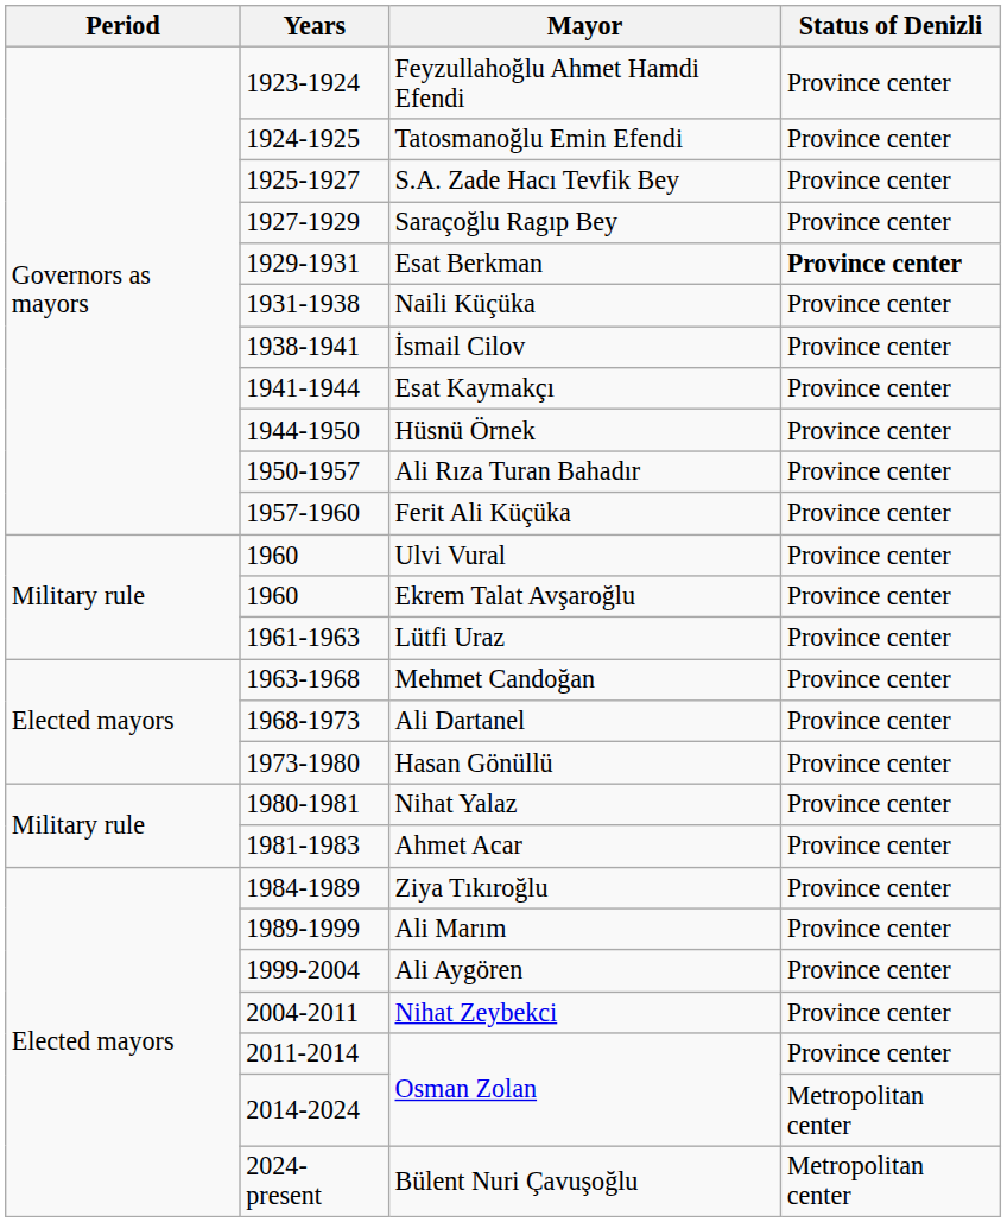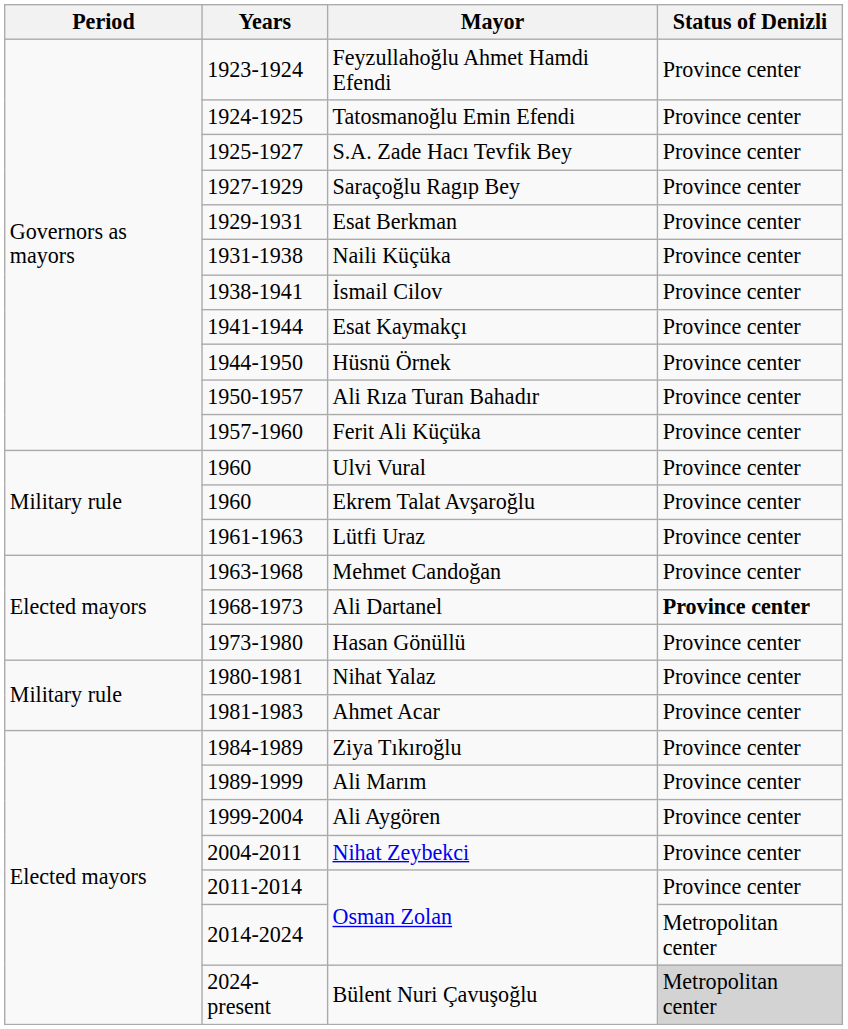 <table class="sortable wikitable">
 <tr>
 <th>Period</th>
 <th>Years</th>
 <th>Mayor</th>
 <th>Status of Denizli</th>
 </tr>
 <tr>
 <td rowspan="11">Governors as mayors</td>
 <td>1923-1924</td>
 <td>Feyzullahoğlu Ahmet Hamdi Efendi</td>
 <td>Province center</td>
 </tr>
 <tr>
 <td>1924-1925</td>
 <td>Tatosmanoğlu Emin Efendi</td>
 <td>Province center</td>
 </tr>
 <tr>
 <td>1925-1927</td>
 <td>S.A. Zade Hacı Tevfik Bey</td>
 <td>Province center</td>
 </tr>
 <tr>
 <td>1927-1929</td>
 <td>Saraçoğlu Ragıp Bey</td>
 <td>Province center</td>
 </tr>
 <tr>
 <td>1929-1931</td>
 <td>Esat Berkman</td>
-<td><strong>Province center</strong></td>
+<td>Province center</td>
 </tr>
 <tr>
 <td>1931-1938</td>
 <td>Naili Küçüka</td>
 <td>Province center</td>
 </tr>
 <tr>
 <td>1938-1941</td>
 <td>İsmail Cilov</td>
 <td>Province center</td>
 </tr>
 <tr>
 <td>1941-1944</td>
 <td>Esat Kaymakçı</td>
 <td>Province center</td>
 </tr>
 <tr>
 <td>1944-1950</td>
 <td>Hüsnü Örnek</td>
 <td>Province center</td>
 </tr>
 <tr>
 <td>1950-1957</td>
 <td>Ali Rıza Turan Bahadır</td>
 <td>Province center</td>
 </tr>
 <tr>
 <td>1957-1960</td>
 <td>Ferit Ali Küçüka</td>
 <td>Province center</td>
 </tr>
 <tr>
 <td rowspan="3">Military rule</td>
 <td>1960</td>
 <td>Ulvi Vural</td>
 <td>Province center</td>
 </tr>
 <tr>
 <td>1960</td>
 <td>Ekrem Talat Avşaroğlu</td>
 <td>Province center</td>
 </tr>
 <tr>
 <td>1961-1963</td>
 <td>Lütfi Uraz</td>
 <td>Province center</td>
 </tr>
 <tr>
 <td rowspan="3">Elected mayors</td>
 <td>1963-1968</td>
 <td>Mehmet Candoğan</td>
 <td>Province center</td>
 </tr>
 <tr>
 <td>1968-1973</td>
 <td>Ali Dartanel</td>
-<td>Province center</td>
+<td><strong>Province center</strong></td>
 </tr>
 <tr>
 <td>1973-1980</td>
 <td>Hasan Gönüllü</td>
 <td>Province center</td>
 </tr>
 <tr>
 <td rowspan="2">Military rule</td>
 <td>1980-1981</td>
 <td>Nihat Yalaz</td>
 <td>Province center</td>
 </tr>
 <tr>
 <td>1981-1983</td>
 <td>Ahmet Acar</td>
 <td>Province center</td>
 </tr>
 <tr>
 <td rowspan="7">Elected mayors</td>
 <td>1984-1989</td>
 <td>Ziya Tıkıroğlu</td>
 <td>Province center</td>
 </tr>
 <tr>
 <td>1989-1999</td>
 <td>Ali Marım</td>
 <td>Province center</td>
 </tr>
 <tr>
 <td>1999-2004</td>
 <td>Ali Aygören</td>
 <td>Province center</td>
 </tr>
 <tr>
 <td>2004-2011</td>
 <td><a href='#'>Nihat Zeybekci</a></td>
 <td>Province center</td>
 </tr>
 <tr>
 <td>2011-2014</td>
 <td rowspan="2"><a href='#'>Osman Zolan</a></td>
 <td>Province center</td>
 </tr>
 <tr>
 <td>2014-2024</td>
 <td>Metropolitan center</td>
 </tr>
 <tr>
 <td>2024-present</td>
 <td>Bülent Nuri Çavuşoğlu</td>
-<td>Metropolitan center</td>
+<td style="background: lightgrey;">Metropolitan center</td>
 </tr>
 </table>
